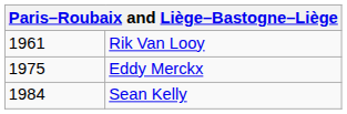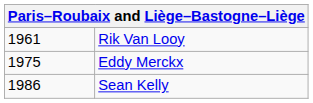 <table class="wikitable">
 <tr>
 <th colspan=2><a href='#'>Paris–Roubaix</a> and <a href='#'>Liège–Bastogne–Liège</a></th>
 </tr>
 <tr>
 <td>1961</td>
 <td> <a href='#'>Rik Van Looy</a></td>
 </tr>
 <tr>
 <td>1975</td>
 <td> <a href='#'>Eddy Merckx</a></td>
 </tr>
 <tr>
-<td>1984</td>
+<td>1986</td>
 <td> <a href='#'>Sean Kelly</a></td>
 </tr>
 </table>
